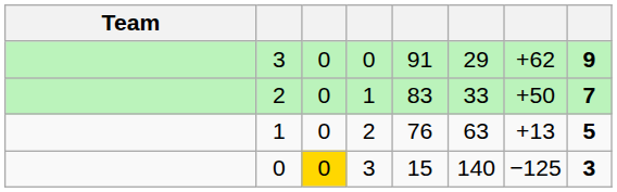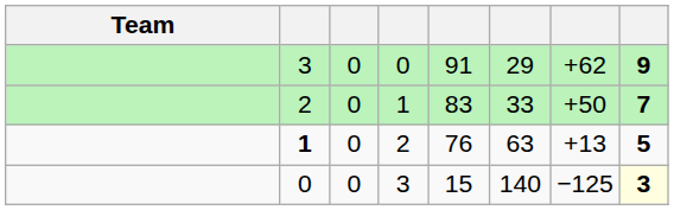 <table class="wikitable" style="text-align:center;">
 <tr>
 <th style="width:10.5em;">Team</th>
 <th style="width:1.5em;"></th>
 <th style="width:1.5em;"></th>
 <th style="width:1.5em;"></th>
 <th style="width:2.0em;"></th>
 <th style="width:2.0em;"></th>
 <th style="width:2.0em;"></th>
 <th style="width:1.5em;"></th>
 </tr>
 <tr bgcolor=#BBF3BB>
 <td align="left"></td>
 <td>3</td>
 <td>0</td>
 <td>0</td>
 <td>91</td>
 <td>29</td>
 <td>+62</td>
 <td><strong>9</strong></td>
 </tr>
 <tr bgcolor=#BBF3BB>
 <td align="left"></td>
 <td>2</td>
 <td>0</td>
 <td>1</td>
 <td>83</td>
 <td>33</td>
 <td>+50</td>
 <td><strong>7</strong></td>
 </tr>
 <tr>
 <td align="left"></td>
-<td>1</td>
+<td><strong>1</strong></td>
 <td>0</td>
 <td>2</td>
 <td>76</td>
 <td>63</td>
 <td>+13</td>
 <td><strong>5</strong></td>
 </tr>
 <tr>
 <td align="left"></td>
 <td>0</td>
-<td style="background: gold;">0</td>
+<td>0</td>
 <td>3</td>
 <td>15</td>
 <td>140</td>
 <td>−125</td>
-<td><strong>3</strong></td>
+<td style="background: lightyellow;"><strong>3</strong></td>
 </tr>
 </table>
